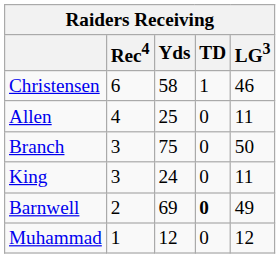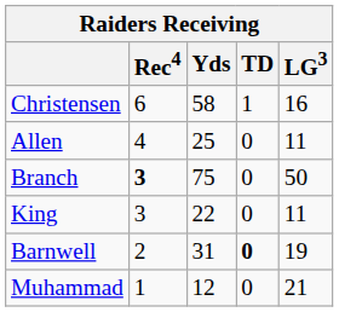 <table class="wikitable">
 <tr>
 <th colspan="5">Raiders Receiving</th>
 </tr>
 <tr>
 <th></th>
 <th>Rec<sup>4</sup></th>
 <th>Yds</th>
 <th>TD</th>
 <th>LG<sup>3</sup></th>
 </tr>
 <tr>
 <td><a href='#'>Christensen</a></td>
 <td>6</td>
 <td>58</td>
 <td>1</td>
-<td>46</td>
+<td>16</td>
 </tr>
 <tr>
 <td><a href='#'>Allen</a></td>
 <td>4</td>
 <td>25</td>
 <td>0</td>
 <td>11</td>
 </tr>
 <tr>
 <td><a href='#'>Branch</a></td>
-<td>3</td>
+<td><strong>3</strong></td>
 <td>75</td>
 <td>0</td>
 <td>50</td>
 </tr>
 <tr>
 <td><a href='#'>King</a></td>
 <td>3</td>
-<td>24</td>
+<td>22</td>
 <td>0</td>
 <td>11</td>
 </tr>
 <tr>
 <td><a href='#'>Barnwell</a></td>
 <td>2</td>
-<td>69</td>
+<td>31</td>
 <td><strong>0</strong></td>
-<td>49</td>
+<td>19</td>
 </tr>
 <tr>
 <td><a href='#'>Muhammad</a></td>
 <td>1</td>
 <td>12</td>
 <td>0</td>
-<td>12</td>
+<td>21</td>
 </tr>
 </table>
